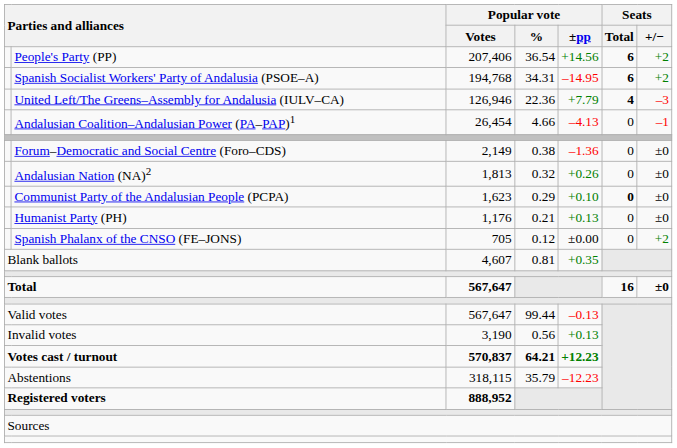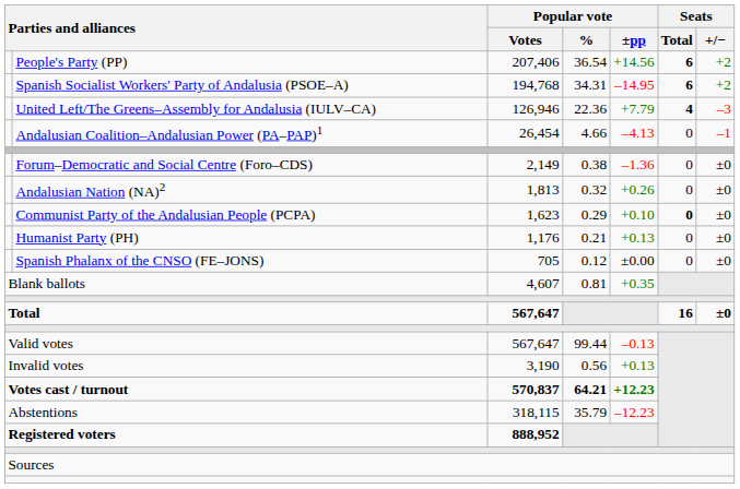 <table class="wikitable" style="text-align:right;">
 <tr>
 <th style="text-align:left;" rowspan="2" colspan="2" width="525">Parties and alliances</th>
 <th colspan="3">Popular vote</th>
 <th colspan="2">Seats</th>
 </tr>
 <tr>
 <th width="75">Votes</th>
 <th width="45">%</th>
 <th width="45">±<a href='#'>pp</a></th>
 <th width="35">Total</th>
 <th width="35">+/−</th>
 </tr>
 <tr>
 <td width="1" style="color:inherit;background:"></td>
 <td align="left"><a href='#'>People's Party</a> (PP)</td>
 <td>207,406</td>
 <td>36.54</td>
 <td style="color:green;">+14.56</td>
 <td><strong>6</strong></td>
 <td style="color:green;">+2</td>
 </tr>
 <tr>
 <td style="color:inherit;background:"></td>
 <td align="left"><a href='#'>Spanish Socialist Workers' Party of Andalusia</a> (PSOE–A)</td>
 <td>194,768</td>
 <td>34.31</td>
 <td style="color:red;">–14.95</td>
 <td><strong>6</strong></td>
 <td style="color:green;">+2</td>
 </tr>
 <tr>
 <td style="color:inherit;background:"></td>
 <td align="left"><a href='#'>United Left/The Greens–Assembly for Andalusia</a> (IULV–CA)</td>
 <td>126,946</td>
 <td>22.36</td>
 <td style="color:green;">+7.79</td>
 <td><strong>4</strong></td>
 <td style="color:red;">–3</td>
 </tr>
 <tr>
 <td style="color:inherit;background:"></td>
 <td align="left"><a href='#'>Andalusian Coalition–Andalusian Power</a> (<a href='#'>PA</a>–<a href='#'>PAP</a>)<sup>1</sup></td>
 <td>26,454</td>
 <td>4.66</td>
 <td style="color:red;">–4.13</td>
 <td>0</td>
 <td style="color:red;">–1</td>
 </tr>
 <tr>
 <td colspan="7" bgcolor="#C0C0C0"></td>
 </tr>
 <tr>
 <td style="color:inherit;background:"></td>
 <td align="left"><a href='#'>Forum</a>–<a href='#'>Democratic and Social Centre</a> (Foro–CDS)</td>
 <td>2,149</td>
 <td>0.38</td>
 <td style="color:red;">–1.36</td>
 <td>0</td>
 <td>±0</td>
 </tr>
 <tr>
 <td style="color:inherit;background:"></td>
 <td align="left"><a href='#'>Andalusian Nation</a> (NA)<sup>2</sup></td>
 <td>1,813</td>
 <td>0.32</td>
 <td style="color:green;">+0.26</td>
 <td>0</td>
 <td>±0</td>
 </tr>
 <tr>
 <td style="color:inherit;background:"></td>
 <td align="left"><a href='#'>Communist Party of the Andalusian People</a> (PCPA)</td>
 <td>1,623</td>
 <td>0.29</td>
 <td style="color:green;">+0.10</td>
 <td><strong>0</strong></td>
 <td>±0</td>
 </tr>
 <tr>
 <td style="color:inherit;background:"></td>
 <td align="left"><a href='#'>Humanist Party</a> (PH)</td>
 <td>1,176</td>
 <td>0.21</td>
 <td style="color:green;">+0.13</td>
 <td>0</td>
 <td>±0</td>
 </tr>
 <tr>
 <td style="color:inherit;background:"></td>
 <td align="left"><a href='#'>Spanish Phalanx of the CNSO</a> (FE–JONS)</td>
 <td>705</td>
 <td>0.12</td>
 <td>±0.00</td>
 <td>0</td>
-<td style="color:green;">+2</td>
+<td>±0</td>
 </tr>
 <tr>
 <td align="left" colspan="2">Blank ballots</td>
 <td>4,607</td>
 <td>0.81</td>
 <td style="color:green;">+0.35</td>
 <td bgcolor="#E9E9E9" colspan="2"></td>
 </tr>
 <tr>
 <td colspan="7" bgcolor="#E9E9E9"></td>
 </tr>
 <tr style="font-weight:bold;">
 <td align="left" colspan="2">Total</td>
 <td>567,647</td>
 <td bgcolor="#E9E9E9" colspan="2"></td>
 <td>16</td>
 <td>±0</td>
 </tr>
 <tr>
 <td colspan="7" bgcolor="#E9E9E9"></td>
 </tr>
 <tr>
 <td align="left" colspan="2">Valid votes</td>
 <td>567,647</td>
 <td>99.44</td>
 <td style="color:red;">–0.13</td>
 <td bgcolor="#E9E9E9" colspan="2" rowspan="5"></td>
 </tr>
 <tr>
 <td align="left" colspan="2">Invalid votes</td>
 <td>3,190</td>
 <td>0.56</td>
 <td style="color:green;">+0.13</td>
 </tr>
 <tr style="font-weight:bold;">
 <td align="left" colspan="2">Votes cast / turnout</td>
 <td>570,837</td>
 <td>64.21</td>
 <td style="color:green;">+12.23</td>
 </tr>
 <tr>
 <td align="left" colspan="2">Abstentions</td>
 <td>318,115</td>
 <td>35.79</td>
 <td style="color:red;">–12.23</td>
 </tr>
 <tr style="font-weight:bold;">
 <td align="left" colspan="2">Registered voters</td>
 <td>888,952</td>
 <td bgcolor="#E9E9E9" colspan="2"></td>
 </tr>
 <tr>
 <td colspan="7" bgcolor="#E9E9E9"></td>
 </tr>
 <tr>
 <td align="left" colspan="7">Sources</td>
 </tr>
 <tr>
 <td colspan="7" style="text-align:left; max-width:790px;"></td>
 </tr>
 </table>
